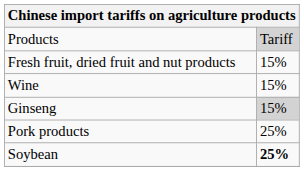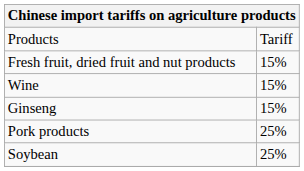 <table class="wikitable">
 <tr>
 <th colspan="4">Chinese import tariffs on agriculture products</th>
 </tr>
 <tr>
 <td>Products</td>
-<td style="background: lightgrey;">Tariff</td>
+<td>Tariff</td>
 </tr>
 <tr>
 <td>Fresh fruit, dried fruit and nut products</td>
 <td>15%</td>
 </tr>
 <tr>
 <td>Wine</td>
 <td>15%</td>
 </tr>
 <tr>
 <td>Ginseng</td>
-<td style="background: lightgrey;">15%</td>
+<td>15%</td>
 </tr>
 <tr>
 <td>Pork products</td>
 <td>25%</td>
 </tr>
 <tr>
 <td>Soybean</td>
-<td><strong>25%</strong></td>
+<td>25%</td>
 </tr>
 <tr>
 </tr>
 </table>
